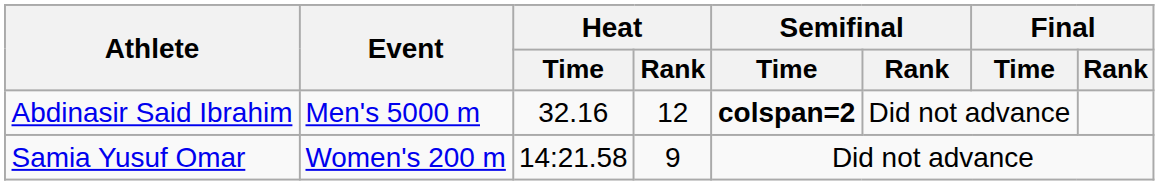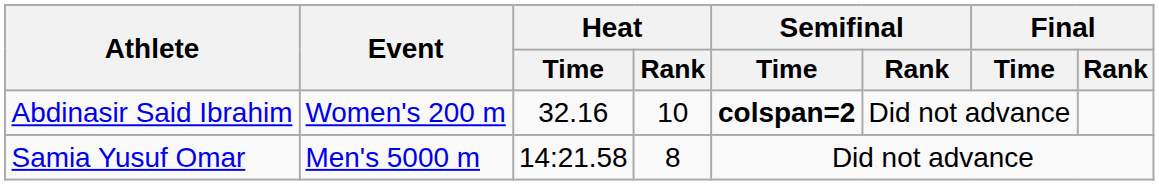 <table class=wikitable style="font-size:90%">
 <tr>
 <th rowspan="2">Athlete</th>
 <th rowspan="2">Event</th>
 <th colspan="2">Heat</th>
 <th colspan="2">Semifinal</th>
 <th colspan="2">Final</th>
 </tr>
 <tr style="font-size:95%">
 <th>Time</th>
 <th>Rank</th>
 <th>Time</th>
 <th>Rank</th>
 <th>Time</th>
 <th>Rank</th>
 </tr>
 <tr align=center>
 <td align=left><a href='#'>Abdinasir Said Ibrahim</a></td>
-<td align=left><a href='#'>Men's 5000 m</a></td>
+<td align=left><a href='#'>Women's 200 m</a></td>
 <td>32.16</td>
-<td>12</td>
+<td>10</td>
 <td><strong>colspan=2 </strong></td>
 <td colspan=2>Did not advance</td>
 </tr>
 <tr align=center>
 <td align=left><a href='#'>Samia Yusuf Omar</a></td>
-<td align=left><a href='#'>Women's 200 m</a></td>
+<td align=left><a href='#'>Men's 5000 m</a></td>
 <td>14:21.58</td>
-<td>9</td>
+<td>8</td>
 <td colspan=4>Did not advance</td>
 </tr>
 </table>
